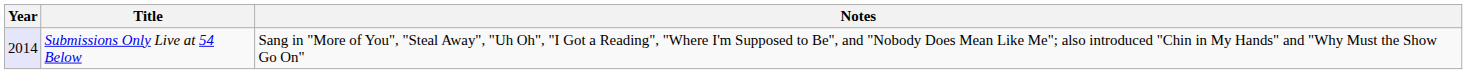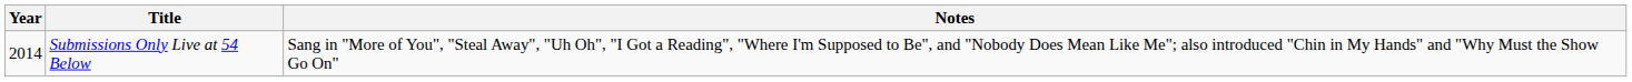 <table class="wikitable">
 <tr>
 <th>Year</th>
 <th>Title</th>
 <th>Notes</th>
 </tr>
 <tr>
-<td style="background: lavender;">2014</td>
+<td>2014</td>
 <td><em><a href='#'>Submissions Only</a> Live at <a href='#'>54 Below</a></em></td>
 <td>Sang in "More of You", "Steal Away", "Uh Oh", "I Got a Reading", "Where I'm Supposed to Be", and "Nobody Does Mean Like Me"; also introduced "Chin in My Hands" and "Why Must the Show Go On"</td>
 </tr>
 </table>
